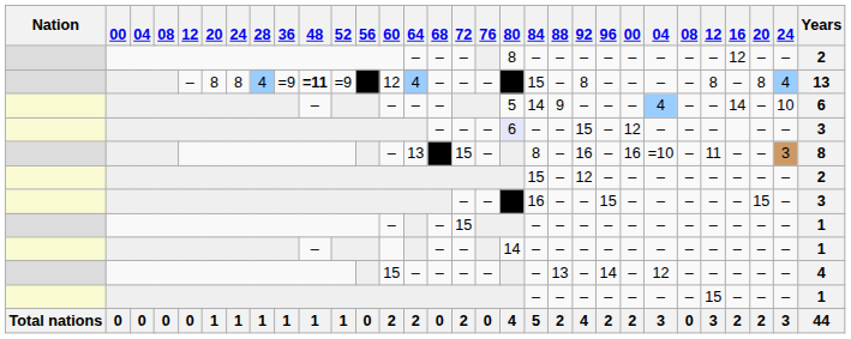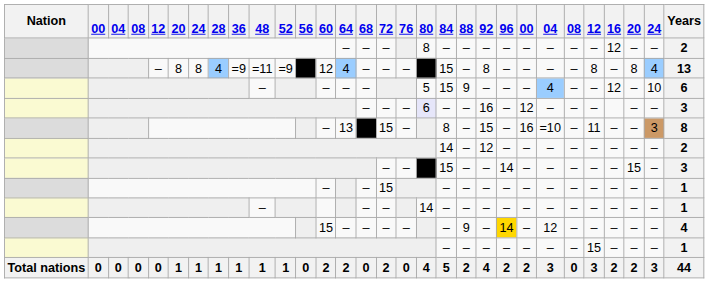 <table class="wikitable" style="text-align:center; font-size:85%;">
 <tr>
 <th>Nation</th>
 <th><br><a href='#'>00</a></th>
 <th colspan=2><br><a href='#'>04</a></th>
 <th><br><a href='#'>08</a></th>
 <th><br><a href='#'>12</a></th>
 <th><br><a href='#'>20</a></th>
 <th><br><a href='#'>24</a></th>
 <th><br><a href='#'>28</a></th>
 <th><br><a href='#'>36</a></th>
 <th><br><a href='#'>48</a></th>
 <th><br><a href='#'>52</a></th>
 <th><br><a href='#'>56</a></th>
 <th><br><a href='#'>60</a></th>
 <th><br><a href='#'>64</a></th>
 <th><br><a href='#'>68</a></th>
 <th><br><a href='#'>72</a></th>
 <th><br> <a href='#'>76</a></th>
 <th><br><a href='#'>80</a></th>
 <th><br><a href='#'>84</a></th>
 <th><br><a href='#'>88</a></th>
 <th><br><a href='#'>92</a></th>
 <th><br><a href='#'>96</a></th>
 <th><br><a href='#'>00</a></th>
 <th><br><a href='#'>04</a></th>
 <th><br><a href='#'>08</a></th>
 <th><br><a href='#'>12</a></th>
 <th><br><a href='#'>16</a></th>
 <th><br><a href='#'>20</a></th>
 <th><br><a href='#'>24</a></th>
 <th>Years</th>
 </tr>
 <tr>
 <td align=left bgcolor=#DCDCDC></td>
 <td colspan=13><em></em></td>
 <td>–</td>
 <td>–</td>
 <td>–</td>
 <td bgcolor=#efefef></td>
 <td>8</td>
 <td>–</td>
 <td>–</td>
 <td>–</td>
 <td>–</td>
 <td>–</td>
 <td>–</td>
 <td>–</td>
 <td>–</td>
 <td>12</td>
 <td>–</td>
 <td>–</td>
 <th>2</th>
 </tr>
 <tr>
 <td align=left bgcolor=#DCDCDC></td>
 <td colspan=4 bgcolor=#efefef></td>
 <td>–</td>
 <td>8</td>
 <td>8</td>
 <td bgcolor=9acdff>4</td>
 <td>=9</td>
-<td><strong>=11</strong></td>
+<td>=11</td>
 <td>=9</td>
 <td bgcolor=black><em></em></td>
 <td>12</td>
 <td bgcolor=9acdff>4</td>
 <td>–</td>
 <td>–</td>
 <td>–</td>
 <td bgcolor=black><em></em></td>
 <td>15</td>
 <td>–</td>
 <td>8</td>
 <td>–</td>
 <td>–</td>
 <td>–</td>
 <td>–</td>
 <td>8</td>
 <td>–</td>
 <td>8</td>
 <td bgcolor=9acdff>4</td>
 <th>13</th>
 </tr>
 <tr>
 <td align=left bgcolor=#FAFAD2></td>
 <td colspan=9 bgcolor=#efefef></td>
 <td>–</td>
 <td colspan=2 bgcolor=#efefef></td>
 <td>–</td>
 <td>–</td>
 <td>–</td>
 <td colspan=2 bgcolor=#efefef></td>
 <td>5</td>
-<td>14</td>
+<td>15</td>
 <td>9</td>
 <td>–</td>
 <td>–</td>
 <td>–</td>
 <td bgcolor=9acdff>4</td>
 <td>–</td>
 <td>–</td>
-<td>14</td>
+<td>12</td>
 <td>–</td>
 <td>10</td>
 <th>6</th>
 </tr>
 <tr>
 <td align=left bgcolor=#FAFAD2></td>
 <td colspan=14 bgcolor=#efefef></td>
 <td>–</td>
 <td>–</td>
 <td>–</td>
 <td style="background: lavender;">6</td>
 <td>–</td>
 <td>–</td>
-<td>15</td>
+<td>16</td>
 <td>–</td>
 <td>12</td>
 <td>–</td>
 <td>–</td>
 <td>–</td>
 <td><em></em></td>
 <td>–</td>
 <td>–</td>
 <th>3</th>
 </tr>
 <tr>
 <td align=left bgcolor=#DCDCDC></td>
 <td colspan=4 bgcolor=#efefef></td>
 <td colspan=7><em></em></td>
 <td bgcolor=#efefef></td>
 <td>–</td>
 <td>13</td>
 <td bgcolor=black><em></em></td>
 <td>15</td>
 <td>–</td>
 <td bgcolor=#efefef></td>
 <td>8</td>
 <td>–</td>
-<td>16</td>
+<td>15</td>
 <td>–</td>
 <td>16</td>
 <td>=10</td>
 <td>–</td>
 <td>11</td>
 <td>–</td>
 <td>–</td>
 <td style="background:#c96;">3</td>
 <th>8</th>
 </tr>
 <tr>
 <td align=left bgcolor=#FAFAD2></td>
 <td colspan=18 bgcolor=#efefef></td>
-<td>15</td>
+<td>14</td>
 <td>–</td>
 <td>12</td>
 <td>–</td>
 <td>–</td>
 <td>–</td>
 <td>–</td>
 <td>–</td>
 <td>–</td>
 <td>–</td>
 <td>–</td>
 <th>2</th>
 </tr>
 <tr>
 <td align=left bgcolor=#FAFAD2></td>
 <td colspan=15 bgcolor=#efefef></td>
 <td>–</td>
 <td>–</td>
 <td bgcolor=black><em></em></td>
-<td>16</td>
+<td>15</td>
 <td>–</td>
 <td>–</td>
-<td>15</td>
+<td>14</td>
 <td>–</td>
 <td>–</td>
 <td>–</td>
 <td>–</td>
 <td>–</td>
 <td>15</td>
 <td>–</td>
 <th>3</th>
 </tr>
 <tr>
 <td align=left bgcolor=#DCDCDC></td>
 <td colspan=12><em></em></td>
 <td>–</td>
 <td bgcolor=#efefef></td>
 <td>–</td>
 <td>15</td>
 <td colspan=2 bgcolor=#efefef></td>
 <td>–</td>
 <td>–</td>
 <td>–</td>
 <td>–</td>
 <td>–</td>
 <td>–</td>
 <td>–</td>
 <td>–</td>
 <td>–</td>
 <td>–</td>
 <td>–</td>
 <th>1</th>
 </tr>
 <tr>
 <td align=left bgcolor=#FAFAD2></td>
 <td colspan=9 bgcolor=#efefef></td>
 <td>–</td>
 <td colspan=2 bgcolor=#efefef></td>
 <td><em></em></td>
 <td bgcolor=#efefef></td>
 <td>–</td>
 <td>–</td>
 <td bgcolor=#efefef></td>
 <td>14</td>
 <td>–</td>
 <td>–</td>
 <td>–</td>
 <td>–</td>
 <td>–</td>
 <td>–</td>
 <td>–</td>
 <td>–</td>
 <td>–</td>
 <td>–</td>
 <td>–</td>
 <th>1</th>
 </tr>
 <tr>
 <td align=left bgcolor=#DCDCDC></td>
 <td colspan=11><em></em></td>
 <td bgcolor=#efefef></td>
 <td>15</td>
 <td>–</td>
 <td>–</td>
 <td>–</td>
 <td>–</td>
 <td bgcolor=#efefef></td>
 <td>–</td>
-<td>13</td>
+<td>9</td>
 <td>–</td>
-<td>14</td>
+<td style="background: gold;">14</td>
 <td>–</td>
 <td>12</td>
 <td>–</td>
 <td>–</td>
 <td>–</td>
 <td>–</td>
 <td>–</td>
 <th>4</th>
 </tr>
 <tr>
 <td align=left bgcolor=#FAFAD2></td>
 <td colspan=18 bgcolor=#efefef></td>
 <td>–</td>
 <td>–</td>
 <td>–</td>
 <td>–</td>
 <td>–</td>
 <td>–</td>
 <td>–</td>
 <td>15</td>
 <td>–</td>
 <td>–</td>
 <td>–</td>
 <th>1</th>
 </tr>
 <tr>
 <th align=left>Total nations</th>
 <th>0</th>
 <th colspan=2>0</th>
 <th>0</th>
 <th>0</th>
 <th>1</th>
 <th>1</th>
 <th>1</th>
 <th>1</th>
 <th>1</th>
 <th>1</th>
 <th>0</th>
 <th>2</th>
 <th>2</th>
 <th>0</th>
 <th>2</th>
 <th>0</th>
 <th>4</th>
 <th>5</th>
 <th>2</th>
 <th>4</th>
 <th>2</th>
 <th>2</th>
 <th>3</th>
 <th>0</th>
 <th>3</th>
 <th>2</th>
 <th>2</th>
 <th>3</th>
 <th>44</th>
 </tr>
 </table>
